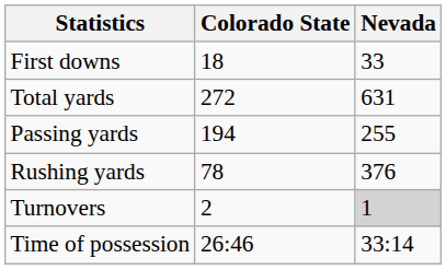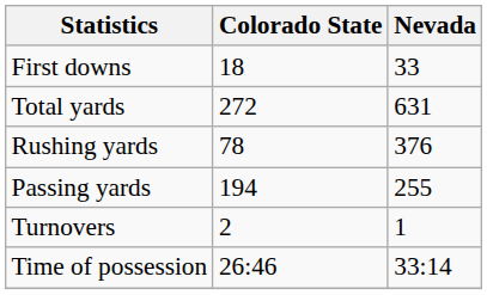 <table class="wikitable">
 <tr>
 <th>Statistics</th>
 <th>Colorado State</th>
 <th>Nevada</th>
 </tr>
 <tr>
 <td>First downs</td>
 <td>18</td>
 <td>33</td>
 </tr>
 <tr>
 <td>Total yards</td>
 <td>272</td>
 <td>631</td>
 </tr>
 <tr>
+<td>Rushing yards</td>
+<td>78</td>
+<td>376</td>
+</tr>
+<tr>
 <td>Passing yards</td>
 <td>194</td>
 <td>255</td>
 </tr>
 <tr>
-<td>Rushing yards</td>
-<td>78</td>
-<td>376</td>
-</tr>
-<tr>
 <td>Turnovers</td>
 <td>2</td>
-<td style="background: lightgrey;">1</td>
+<td>1</td>
 </tr>
 <tr>
 <td>Time of possession</td>
 <td>26:46</td>
 <td>33:14</td>
 </tr>
 <tr>
 </tr>
 </table>
